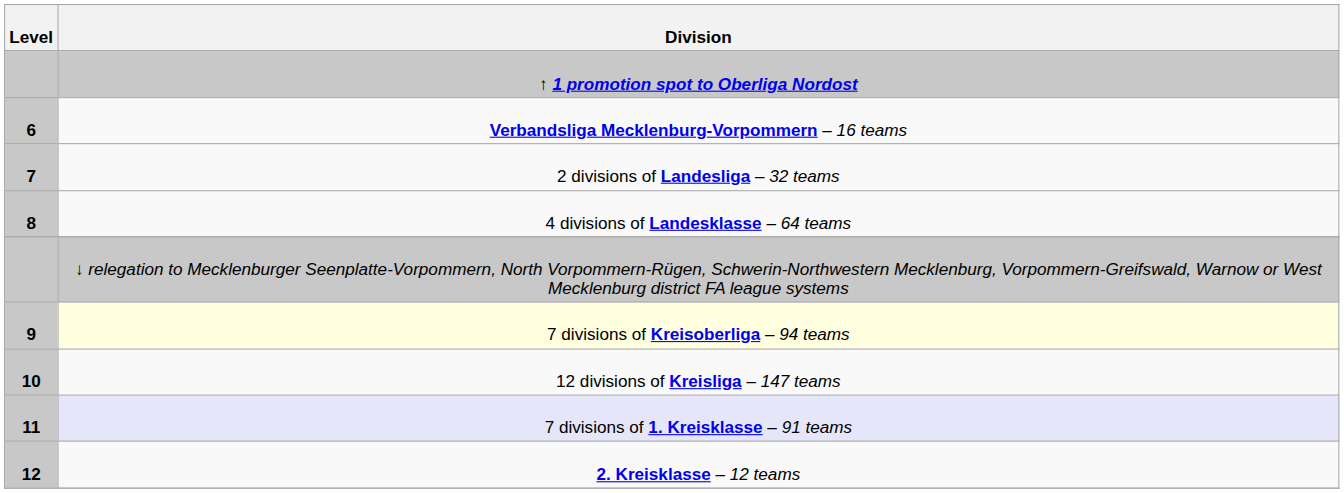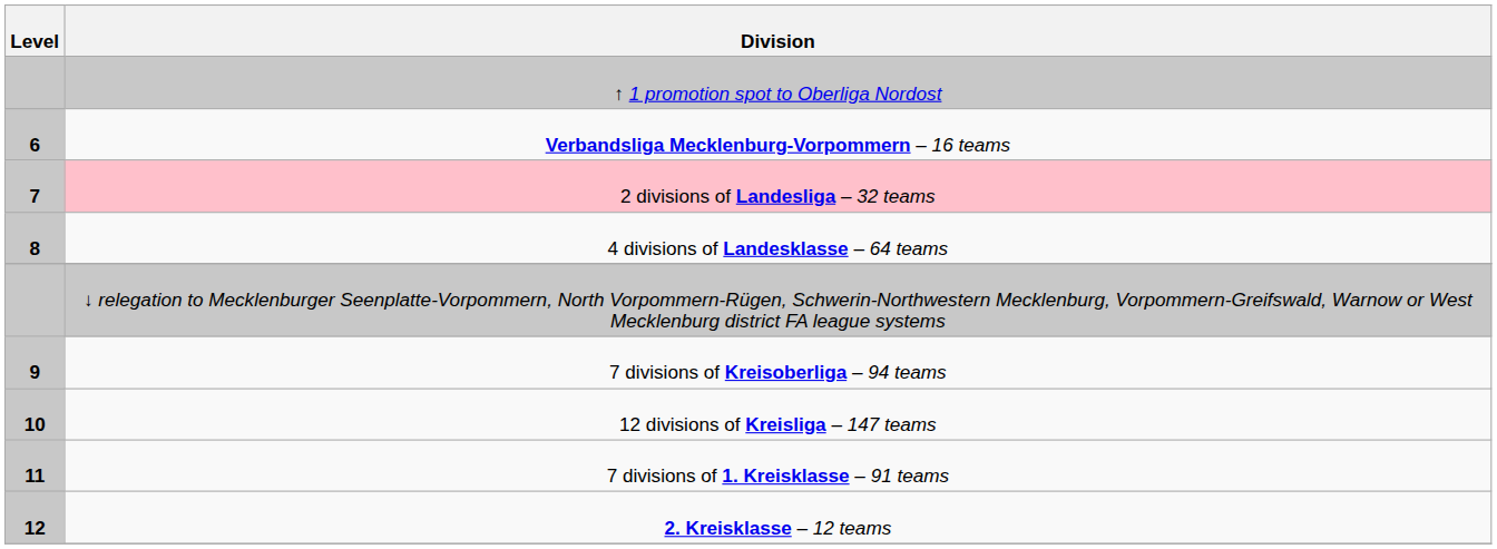 <table class="wikitable" style="text-align:center">
 <tr>
 <th colspan="1" width="4%"><br>Level</th>
 <th colspan="1"><br>Division</th>
 </tr>
 <tr style="background:#c8c8c8">
 <td colspan="1"></td>
-<td colspan="1"><strong><br><em>↑ <a href='#'>1 promotion spot to Oberliga Nordost</a></em></strong></td>
+<td colspan="1"><br><em>↑ <a href='#'>1 promotion spot to Oberliga Nordost</a></em></td>
 </tr>
 <tr>
 <td colspan="1" style="background:#c8c8c8"><br><strong>6</strong></td>
 <td colspan="1"><br><strong><a href='#'>Verbandsliga Mecklenburg-Vorpommern</a></strong> – <em>16 teams</em></td>
 </tr>
 <tr>
 <td colspan="1" style="background:#c8c8c8"><br><strong>7</strong></td>
-<td colspan="1"><br>2 divisions of <strong><a href='#'>Landesliga</a></strong> – <em>32 teams</em></td>
+<td colspan="1" style="background: pink;"><br>2 divisions of <strong><a href='#'>Landesliga</a></strong> – <em>32 teams</em></td>
 </tr>
 <tr>
 <td colspan="1" style="background:#c8c8c8"><br><strong>8</strong></td>
 <td colspan="1"><br>4 divisions of <strong><a href='#'>Landesklasse</a></strong> – <em>64 teams</em></td>
 </tr>
 <tr>
 </tr>
 <tr style="background:#c8c8c8">
 <td colspan="1"></td>
 <td colspan="1"><br><em>↓ relegation to Mecklenburger Seenplatte-Vorpommern, North Vorpommern-Rügen, Schwerin-Northwestern Mecklenburg, Vorpommern-Greifswald, Warnow or West Mecklenburg district FA league systems</em></td>
 </tr>
 <tr>
 <td colspan="1" style="background:#c8c8c8"><br><strong>9</strong></td>
-<td colspan="1" style="background: lightyellow;"><br>7 divisions of <strong><a href='#'>Kreisoberliga</a></strong> – <em>94 teams</em></td>
+<td colspan="1"><br>7 divisions of <strong><a href='#'>Kreisoberliga</a></strong> – <em>94 teams</em></td>
 </tr>
 <tr>
 <td colspan="1" style="background:#c8c8c8"><br><strong>10</strong></td>
 <td colspan="1"><br>12 divisions of <strong><a href='#'>Kreisliga</a></strong> – <em>147 teams</em></td>
 </tr>
 <tr>
 <td colspan="1" style="background:#c8c8c8"><br><strong>11</strong></td>
-<td colspan="1" style="background: lavender;"><br>7 divisions of <strong><a href='#'>1. Kreisklasse</a></strong> – <em>91 teams</em></td>
+<td colspan="1"><br>7 divisions of <strong><a href='#'>1. Kreisklasse</a></strong> – <em>91 teams</em></td>
 </tr>
 <tr>
 <td colspan="1" style="background:#c8c8c8"><br><strong>12</strong></td>
 <td colspan="1"><br><strong><a href='#'>2. Kreisklasse</a></strong> – <em>12 teams</em></td>
 </tr>
 <tr>
 </tr>
 </table>
